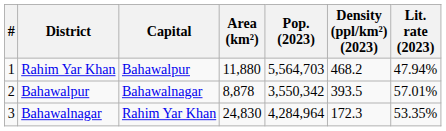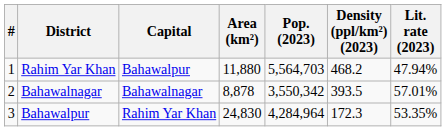 <table class="wikitable sortable">
 <tr>
 <th>#</th>
 <th>District</th>
 <th>Capital</th>
 <th>Area<br>(km²)</th>
 <th>Pop.<br>(2023)</th>
 <th>Density<br>(ppl/km²)<br>(2023)</th>
 <th>Lit.<br>rate<br>(2023)</th>
 </tr>
 <tr>
 <td>1</td>
 <td><a href='#'>Rahim Yar Khan</a></td>
 <td><a href='#'>Bahawalpur</a></td>
 <td>11,880</td>
 <td>5,564,703</td>
 <td>468.2</td>
 <td>47.94%</td>
 </tr>
 <tr>
 <td>2</td>
-<td><a href='#'>Bahawalpur</a></td>
+<td><a href='#'>Bahawalnagar</a></td>
 <td><a href='#'>Bahawalnagar</a></td>
 <td>8,878</td>
 <td>3,550,342</td>
 <td>393.5</td>
 <td>57.01%</td>
 </tr>
 <tr>
 <td>3</td>
-<td><a href='#'>Bahawalnagar</a></td>
+<td><a href='#'>Bahawalpur</a></td>
 <td><a href='#'>Rahim Yar Khan</a></td>
 <td>24,830</td>
 <td>4,284,964</td>
 <td>172.3</td>
 <td>53.35%</td>
 </tr>
 </table>
